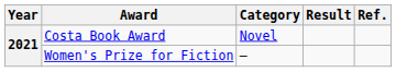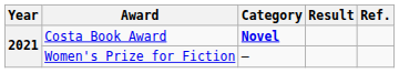 <table class="wikitable sortable">
 <tr>
 <th>Year</th>
 <th>Award</th>
 <th>Category</th>
 <th>Result</th>
 <th>Ref.</th>
 </tr>
 <tr>
 <th rowspan="2">2021</th>
 <td><a href='#'>Costa Book Award</a></td>
-<td><a href='#'>Novel</a></td>
+<td><strong><a href='#'>Novel</a></strong></td>
 <td></td>
 <td></td>
 </tr>
 <tr>
 <td><a href='#'>Women's Prize for Fiction</a></td>
 <td>—</td>
 <td></td>
 <td></td>
 </tr>
 </table>
